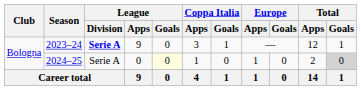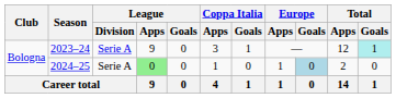 <table class="wikitable" style="text-align:center">
 <tr>
 <th rowspan="2">Club</th>
 <th rowspan="2">Season</th>
 <th colspan="3">League</th>
 <th colspan="2"><a href='#'>Coppa Italia</a></th>
 <th colspan="2"><a href='#'>Europe</a></th>
 <th colspan="2">Total</th>
 </tr>
 <tr>
 <th>Division</th>
 <th>Apps</th>
 <th>Goals</th>
 <th>Apps</th>
 <th>Goals</th>
 <th>Apps</th>
 <th>Goals</th>
 <th>Apps</th>
 <th>Goals</th>
 </tr>
 <tr>
 <td rowspan="2"><a href='#'>Bologna</a></td>
 <td><a href='#'>2023–24</a></td>
-<td><strong><a href='#'>Serie A</a></strong></td>
+<td><a href='#'>Serie A</a></td>
 <td>9</td>
 <td>0</td>
 <td>3</td>
 <td>1</td>
 <td colspan="2">—</td>
 <td>12</td>
-<td>1</td>
+<td style="background: paleturquoise;">1</td>
 </tr>
 <tr>
 <td><a href='#'>2024–25</a></td>
 <td>Serie A</td>
+<td style="background: lightgreen;">0</td>
 <td>0</td>
-<td style="background: lightyellow;">0</td>
 <td>1</td>
 <td>0</td>
 <td>1</td>
+<td style="background: lightblue;">0</td>
+<td>2</td>
 <td>0</td>
-<td>2</td>
-<td style="background: lightgrey;">0</td>
 </tr>
 <tr>
 <th colspan="3">Career total</th>
 <th>9</th>
 <th>0</th>
 <th>4</th>
 <th>1</th>
 <th>1</th>
 <th>0</th>
 <th>14</th>
 <th>1</th>
 </tr>
 </table>
